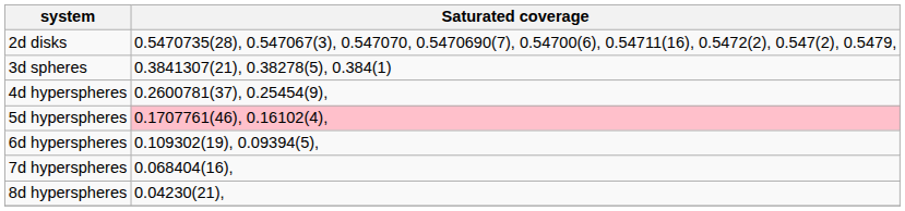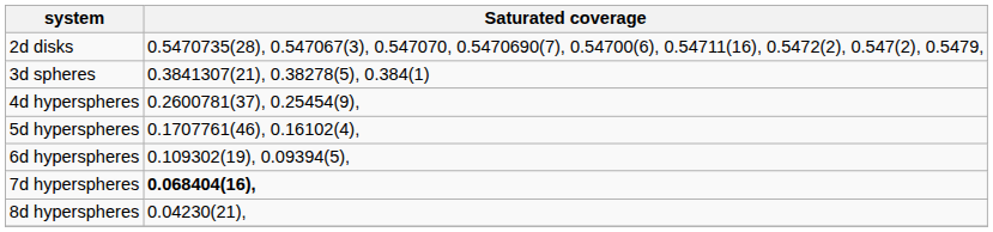 <table class="wikitable">
 <tr>
 <th>system</th>
 <th>Saturated coverage</th>
 </tr>
 <tr>
 <td>2d disks</td>
 <td>0.5470735(28), 0.547067(3), 0.547070, 0.5470690(7), 0.54700(6), 0.54711(16), 0.5472(2), 0.547(2), 0.5479,</td>
 </tr>
 <tr>
 <td>3d spheres</td>
 <td>0.3841307(21), 0.38278(5), 0.384(1)</td>
 </tr>
 <tr>
 <td>4d hyperspheres</td>
 <td>0.2600781(37), 0.25454(9),</td>
 </tr>
 <tr>
 <td>5d hyperspheres</td>
-<td style="background: pink;">0.1707761(46), 0.16102(4),</td>
+<td>0.1707761(46), 0.16102(4),</td>
 </tr>
 <tr>
 <td>6d hyperspheres</td>
 <td>0.109302(19), 0.09394(5),</td>
 </tr>
 <tr>
 <td>7d hyperspheres</td>
-<td>0.068404(16),</td>
+<td><strong>0.068404(16),</strong></td>
 </tr>
 <tr>
 <td>8d hyperspheres</td>
 <td>0.04230(21),</td>
 </tr>
 <tr>
 </tr>
 </table>
